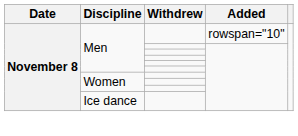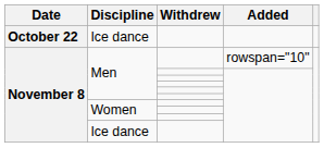 <table class="wikitable unsortable">
 <tr>
 <th scope="col">Date</th>
 <th scope="col">Discipline</th>
 <th scope="col">Withdrew</th>
 <th scope="col">Added</th>
 <th scope="col"></th>
+</tr>
+<tr>
+<th scope="row" style="text-align:left">October 22</th>
+<td>Ice dance</td>
+<td></td>
+<td></td>
+<td></td>
 </tr>
 <tr>
 <th rowspan="11" scope="row" style="text-align:left">November 8</th>
 <td rowspan="6">Men</td>
 <td></td>
 <td>rowspan="10" </td>
 <td rowspan="11"></td>
 </tr>
 <tr>
 <td></td>
 </tr>
 <tr>
 <td></td>
 </tr>
 <tr>
 <td></td>
 </tr>
 <tr>
 <td></td>
 </tr>
 <tr>
 <td></td>
 </tr>
 <tr>
 <td rowspan="3">Women</td>
 <td></td>
 </tr>
 <tr>
 <td></td>
 </tr>
 <tr>
 <td></td>
 </tr>
 <tr>
 <td>Ice dance</td>
 <td></td>
 </tr>
 </table>
